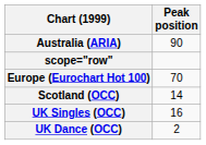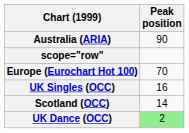 <table class="wikitable sortable plainrowheaders" style="text-align:center">
 <tr>
 <th scope="col">Chart (1999)</th>
 <th scope="col">Peak<br>position</th>
 </tr>
 <tr>
 <th scope="row">Australia (<a href='#'>ARIA</a>)</th>
 <td>90</td>
 </tr>
 <tr>
 <th>scope="row" </th>
 </tr>
 <tr>
 <th scope="row">Europe (<a href='#'>Eurochart Hot 100</a>)</th>
 <td>70</td>
 </tr>
 <tr>
+<th scope="row"><a href='#'>UK Singles</a> (<a href='#'>OCC</a>)</th>
+<td>16</td>
+</tr>
+<tr>
 <th scope="row">Scotland (<a href='#'>OCC</a>)</th>
 <td>14</td>
 </tr>
 <tr>
-<th scope="row"><a href='#'>UK Singles</a> (<a href='#'>OCC</a>)</th>
-<td>16</td>
-</tr>
-<tr>
 <th scope="row"><a href='#'>UK Dance</a> (<a href='#'>OCC</a>)</th>
-<td>2</td>
+<td style="background: lightgreen;">2</td>
 </tr>
 </table>
